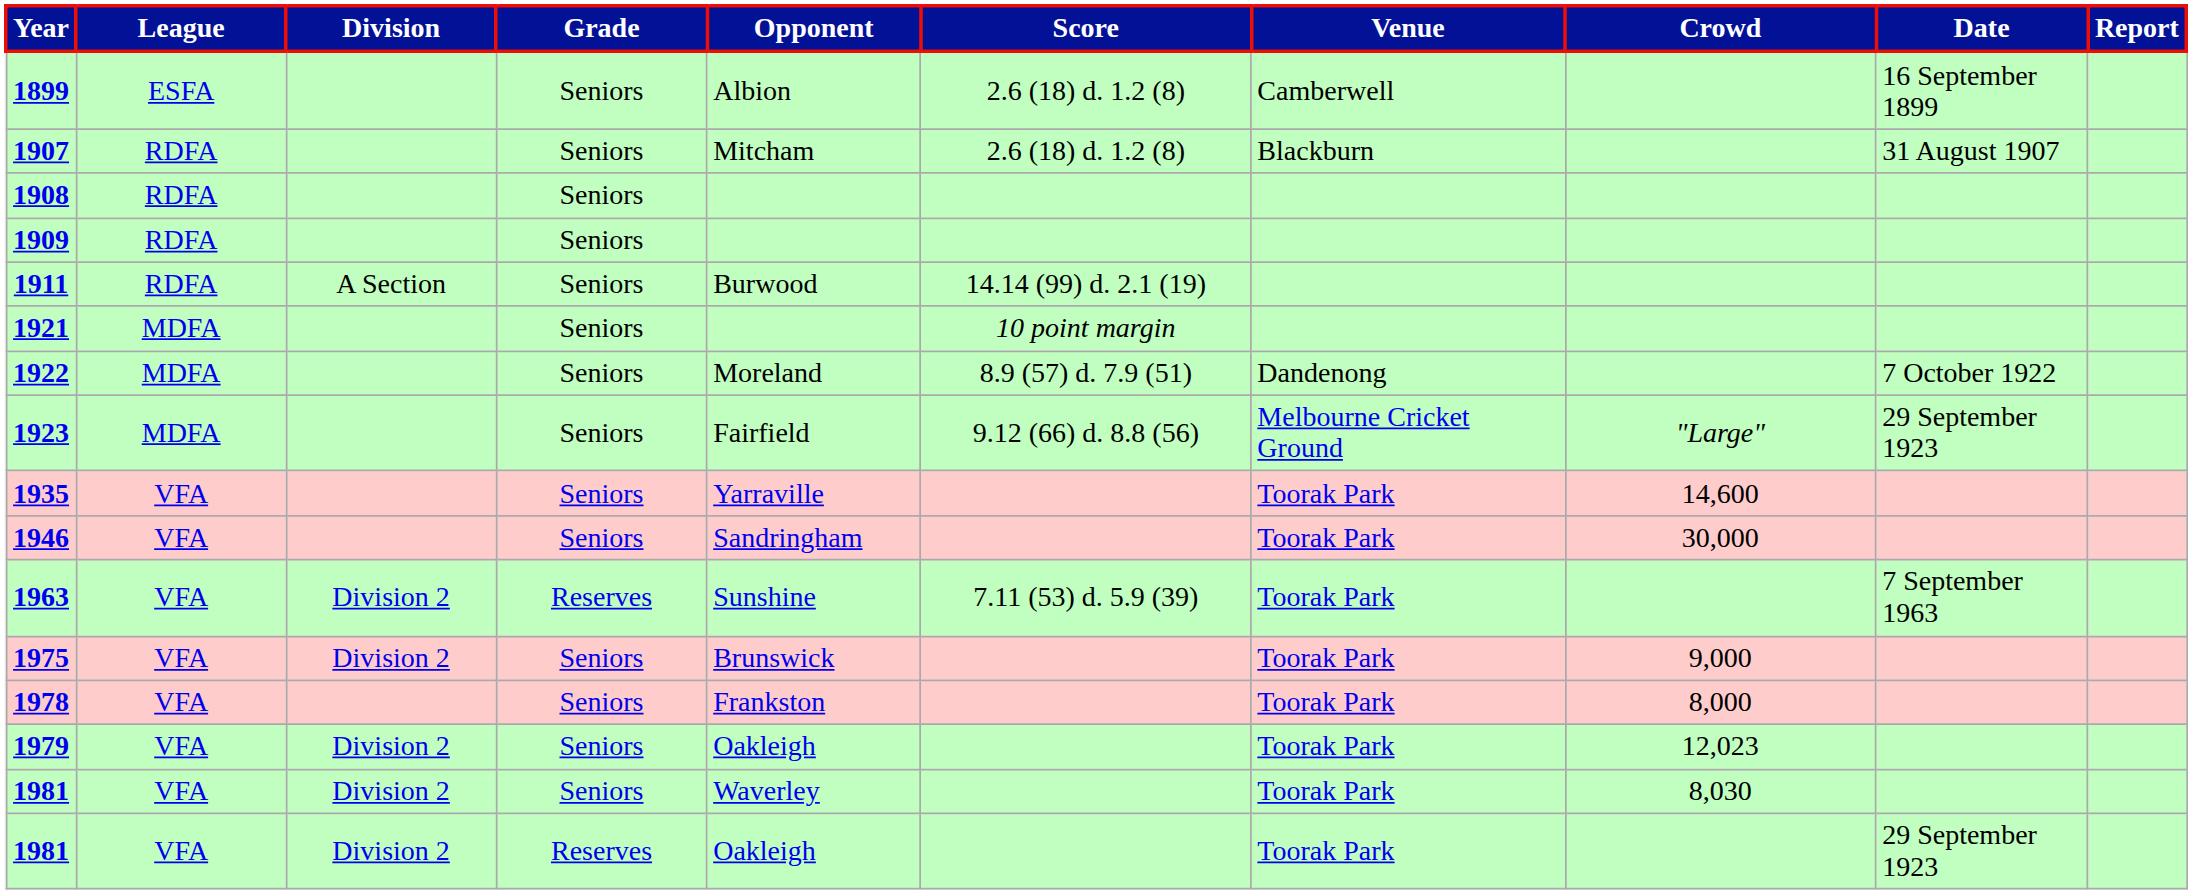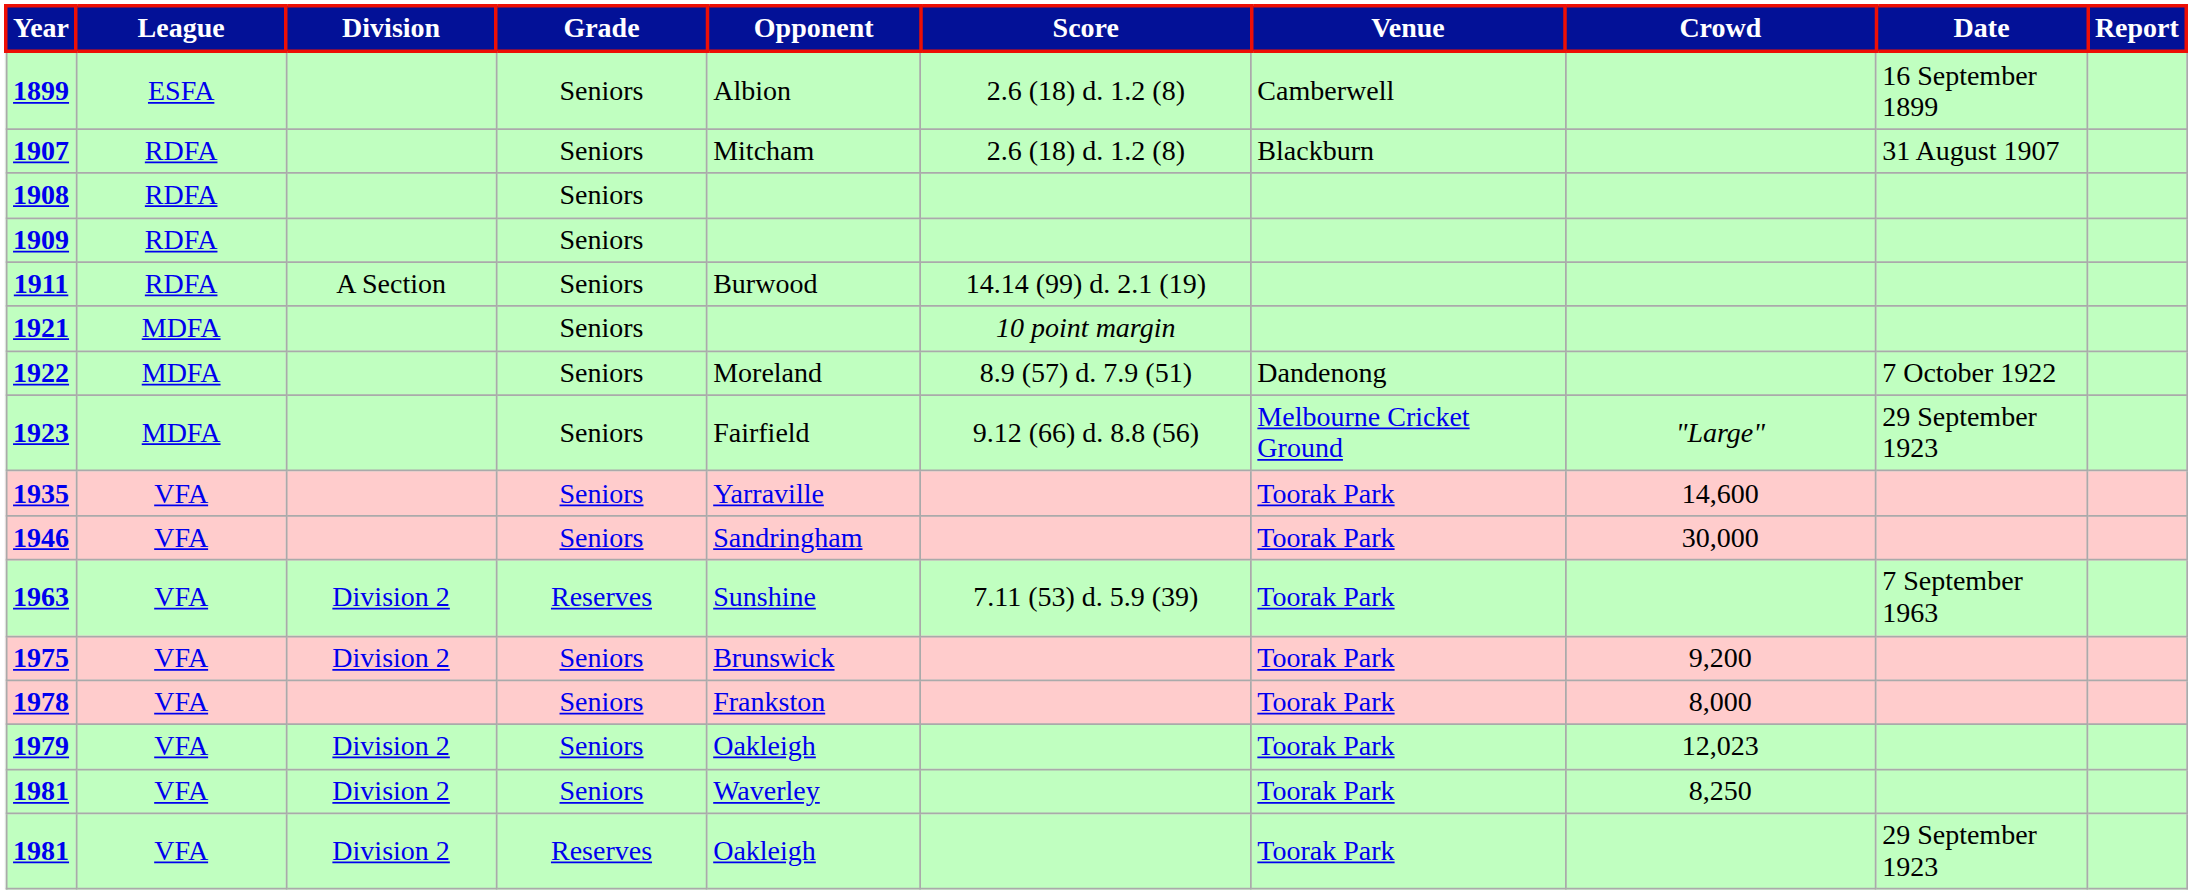 <table class="wikitable" style="text-align:center; text-valign:center">
 <tr>
 <th style="background:#031197; color:#FFFFFF; border:solid #ED0F05 2px"; width=3%>Year</th>
 <th style="background:#031197; color:#FFFFFF; border:solid #ED0F05 2px"; width=10%>League</th>
 <th style="background:#031197; color:#FFFFFF; border:solid #ED0F05 2px"; width=10%>Division</th>
 <th style="background:#031197; color:#FFFFFF; border:solid #ED0F05 2px"; width=10%>Grade</th>
 <th style="background:#031197; color:#FFFFFF; border:solid #ED0F05 2px"; width=10%>Opponent</th>
 <th style="background:#031197; color:#FFFFFF; border:solid #ED0F05 2px"; width=16%>Score</th>
 <th style="background:#031197; color:#FFFFFF; border:solid #ED0F05 2px"; width=15%>Venue</th>
 <th style="background:#031197; color:#FFFFFF; border:solid #ED0F05 2px"; width=15%>Crowd</th>
 <th style="background:#031197; color:#FFFFFF; border:solid #ED0F05 2px"; width=10%>Date</th>
 <th style="background:#031197; color:#FFFFFF; border:solid #ED0F05 2px"; width=2%>Report</th>
 </tr>
 <tr style="background:#C0FFC0;">
 <td><strong><a href='#'>1899</a></strong></td>
 <td><a href='#'>ESFA</a></td>
 <td></td>
 <td>Seniors</td>
 <td align=left>Albion</td>
 <td>2.6 (18) d. 1.2 (8)</td>
 <td align=left>Camberwell</td>
 <td></td>
 <td align=left>16 September 1899</td>
 <td></td>
 </tr>
 <tr style="background:#C0FFC0;">
 <td><strong><a href='#'>1907</a></strong></td>
 <td><a href='#'>RDFA</a></td>
 <td></td>
 <td>Seniors</td>
 <td align=left>Mitcham</td>
 <td>2.6 (18) d. 1.2 (8)</td>
 <td align=left>Blackburn</td>
 <td></td>
 <td align=left>31 August 1907</td>
 <td></td>
 </tr>
 <tr style="background:#C0FFC0;">
 <td><strong><a href='#'>1908</a></strong></td>
 <td><a href='#'>RDFA</a></td>
 <td></td>
 <td>Seniors</td>
 <td align=left></td>
 <td></td>
 <td align=left></td>
 <td></td>
 <td align=left></td>
 <td></td>
 </tr>
 <tr style="background:#C0FFC0;">
 <td><strong><a href='#'>1909</a></strong></td>
 <td><a href='#'>RDFA</a></td>
 <td></td>
 <td>Seniors</td>
 <td align=left></td>
 <td></td>
 <td align=left></td>
 <td></td>
 <td align=left></td>
 <td></td>
 </tr>
 <tr style="background:#C0FFC0;">
 <td><strong><a href='#'>1911</a></strong></td>
 <td><a href='#'>RDFA</a></td>
 <td>A Section</td>
 <td>Seniors</td>
 <td align=left>Burwood</td>
 <td>14.14 (99) d. 2.1 (19)</td>
 <td align=left></td>
 <td></td>
 <td align=left></td>
 <td></td>
 </tr>
 <tr style="background:#C0FFC0;">
 <td><strong><a href='#'>1921</a></strong></td>
 <td><a href='#'>MDFA</a></td>
 <td></td>
 <td>Seniors</td>
 <td align=left></td>
 <td><em>10 point margin</em></td>
 <td align=left></td>
 <td></td>
 <td align=left></td>
 <td></td>
 </tr>
 <tr style="background:#C0FFC0;">
 <td><strong><a href='#'>1922</a></strong></td>
 <td><a href='#'>MDFA</a></td>
 <td></td>
 <td>Seniors</td>
 <td align=left>Moreland</td>
 <td>8.9 (57) d. 7.9 (51)</td>
 <td align=left>Dandenong</td>
 <td></td>
 <td align=left>7 October 1922</td>
 <td></td>
 </tr>
 <tr style="background:#C0FFC0;">
 <td><strong><a href='#'>1923</a></strong></td>
 <td><a href='#'>MDFA</a></td>
 <td></td>
 <td>Seniors</td>
 <td align=left>Fairfield</td>
 <td>9.12 (66) d. 8.8 (56)</td>
 <td align=left><a href='#'>Melbourne Cricket Ground</a></td>
 <td><em>"Large"</em></td>
 <td align=left>29 September 1923</td>
 <td></td>
 </tr>
 <tr style="background:#fcc;">
 <td><strong><a href='#'>1935</a></strong></td>
 <td><a href='#'>VFA</a></td>
 <td></td>
 <td><a href='#'>Seniors</a></td>
 <td align=left><a href='#'>Yarraville</a></td>
 <td></td>
 <td align=left><a href='#'>Toorak Park</a></td>
 <td>14,600</td>
 <td align=left></td>
 <td></td>
 </tr>
 <tr style="background:#fcc;">
 <td><strong><a href='#'>1946</a></strong></td>
 <td><a href='#'>VFA</a></td>
 <td></td>
 <td><a href='#'>Seniors</a></td>
 <td align=left><a href='#'>Sandringham</a></td>
 <td></td>
 <td align=left><a href='#'>Toorak Park</a></td>
 <td>30,000</td>
 <td align=left></td>
 <td></td>
 </tr>
 <tr style="background:#C0FFC0;">
 <td><strong><a href='#'>1963</a></strong></td>
 <td><a href='#'>VFA</a></td>
 <td><a href='#'>Division 2</a></td>
 <td><a href='#'>Reserves</a></td>
 <td align=left><a href='#'>Sunshine</a></td>
 <td>7.11 (53) d. 5.9 (39)</td>
 <td align=left><a href='#'>Toorak Park</a></td>
 <td></td>
 <td align=left>7 September 1963</td>
 <td></td>
 </tr>
 <tr style="background:#fcc;">
 <td><strong><a href='#'>1975</a></strong></td>
 <td><a href='#'>VFA</a></td>
 <td><a href='#'>Division 2</a></td>
 <td><a href='#'>Seniors</a></td>
 <td align=left><a href='#'>Brunswick</a></td>
 <td></td>
 <td align=left><a href='#'>Toorak Park</a></td>
-<td>9,000</td>
+<td>9,200</td>
 <td align=left></td>
 <td></td>
 </tr>
 <tr style="background:#fcc;">
 <td><strong><a href='#'>1978</a></strong></td>
 <td><a href='#'>VFA</a></td>
 <td></td>
 <td><a href='#'>Seniors</a></td>
 <td align=left><a href='#'>Frankston</a></td>
 <td></td>
 <td align=left><a href='#'>Toorak Park</a></td>
 <td>8,000</td>
 <td align=left></td>
 <td></td>
 </tr>
 <tr style="background:#C0FFC0;">
 <td><strong><a href='#'>1979</a></strong></td>
 <td><a href='#'>VFA</a></td>
 <td><a href='#'>Division 2</a></td>
 <td><a href='#'>Seniors</a></td>
 <td align=left><a href='#'>Oakleigh</a></td>
 <td></td>
 <td align=left><a href='#'>Toorak Park</a></td>
 <td>12,023</td>
 <td align=left></td>
 <td></td>
 </tr>
 <tr style="background:#C0FFC0;">
 <td><strong><a href='#'>1981</a></strong></td>
 <td><a href='#'>VFA</a></td>
 <td><a href='#'>Division 2</a></td>
 <td><a href='#'>Seniors</a></td>
 <td align=left><a href='#'>Waverley</a></td>
 <td></td>
 <td align=left><a href='#'>Toorak Park</a></td>
-<td>8,030</td>
+<td>8,250</td>
 <td align=left></td>
 <td></td>
 </tr>
 <tr style="background:#C0FFC0;">
 <td><strong><a href='#'>1981</a></strong></td>
 <td><a href='#'>VFA</a></td>
 <td><a href='#'>Division 2</a></td>
 <td><a href='#'>Reserves</a></td>
 <td align=left><a href='#'>Oakleigh</a></td>
 <td></td>
 <td align=left><a href='#'>Toorak Park</a></td>
 <td></td>
 <td align=left>29 September 1923</td>
 <td></td>
 </tr>
 </table>
